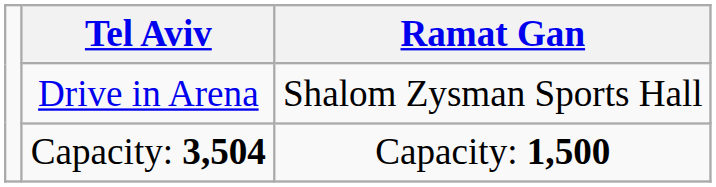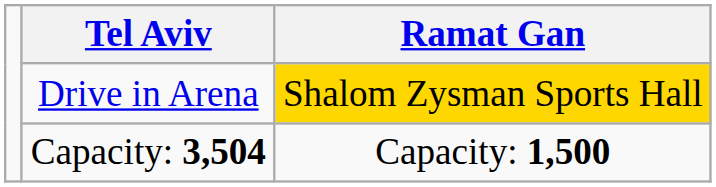 <table class="wikitable" style="text-align:center">
 <tr>
 <td rowspan="3"></td>
 <th><a href='#'>Tel Aviv</a></th>
 <th><a href='#'>Ramat Gan</a></th>
 </tr>
 <tr>
 <td><a href='#'>Drive in Arena</a></td>
-<td>Shalom Zysman Sports Hall</td>
+<td style="background: gold;">Shalom Zysman Sports Hall</td>
 </tr>
 <tr>
 <td>Capacity: <strong>3,504</strong></td>
 <td>Capacity: <strong>1,500</strong></td>
 </tr>
 </table>
